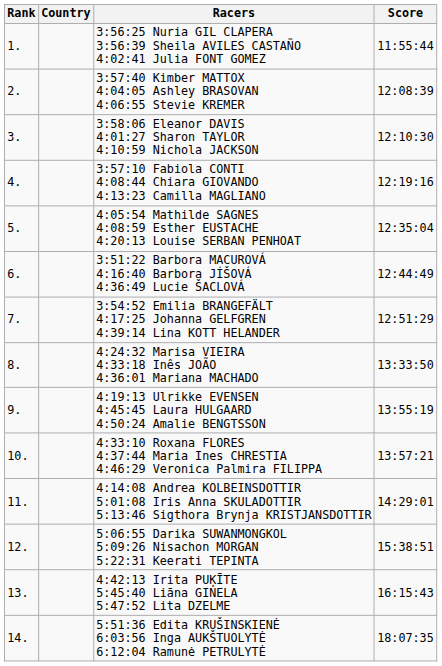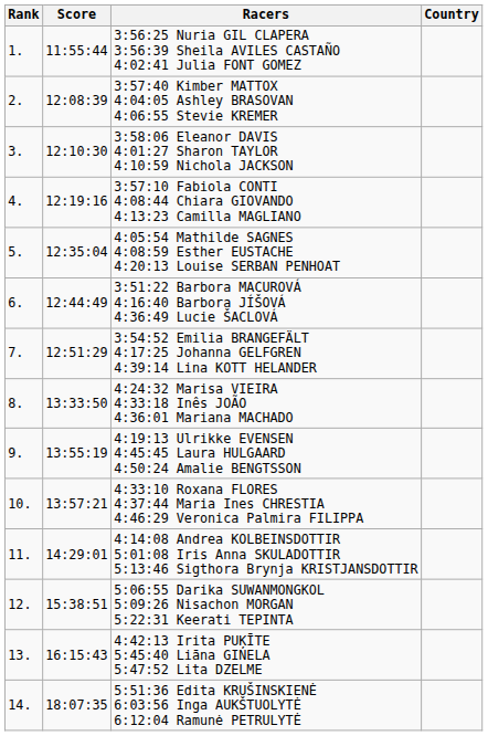 <table class="wikitable sortable" style="text-align:left;font-size:95%">
 <tr>
 <th>Rank</th>
+<th>Score</th>
+<th>Racers</th>
 <th>Country</th>
-<th>Racers</th>
-<th>Score</th>
 </tr>
 <tr>
 <td>1.</td>
+<td>11:55:44</td>
+<td>3:56:25	Nuria GIL CLAPERA<br>3:56:39	Sheila AVILES CASTAÑO<br>4:02:41	Julia FONT GOMEZ</td>
 <td></td>
-<td>3:56:25	Nuria GIL CLAPERA<br>3:56:39	Sheila AVILES CASTAÑO<br>4:02:41	Julia FONT GOMEZ</td>
-<td>11:55:44</td>
 </tr>
 <tr>
 <td>2.</td>
+<td>12:08:39</td>
+<td>3:57:40	Kimber MATTOX<br>4:04:05	Ashley BRASOVAN<br>4:06:55	Stevie KREMER</td>
 <td></td>
-<td>3:57:40	Kimber MATTOX<br>4:04:05	Ashley BRASOVAN<br>4:06:55	Stevie KREMER</td>
-<td>12:08:39</td>
 </tr>
 <tr>
 <td>3.</td>
+<td>12:10:30</td>
+<td>3:58:06	Eleanor DAVIS<br>4:01:27	Sharon TAYLOR<br>4:10:59	Nichola JACKSON</td>
 <td></td>
-<td>3:58:06	Eleanor DAVIS<br>4:01:27	Sharon TAYLOR<br>4:10:59	Nichola JACKSON</td>
-<td>12:10:30</td>
 </tr>
 <tr>
 <td>4.</td>
+<td>12:19:16</td>
+<td>3:57:10	Fabiola CONTI<br>4:08:44	Chiara GIOVANDO<br>4:13:23	Camilla MAGLIANO</td>
 <td></td>
-<td>3:57:10	Fabiola CONTI<br>4:08:44	Chiara GIOVANDO<br>4:13:23	Camilla MAGLIANO</td>
-<td>12:19:16</td>
 </tr>
 <tr>
 <td>5.</td>
+<td>12:35:04</td>
+<td>4:05:54	Mathilde SAGNES<br>4:08:59	Esther EUSTACHE<br>4:20:13	Louise SERBAN PENHOAT</td>
 <td></td>
-<td>4:05:54	Mathilde SAGNES<br>4:08:59	Esther EUSTACHE<br>4:20:13	Louise SERBAN PENHOAT</td>
-<td>12:35:04</td>
 </tr>
 <tr>
 <td>6.</td>
+<td>12:44:49</td>
+<td>3:51:22	Barbora MACUROVÁ<br>4:16:40	Barbora JÍŠOVÁ<br>4:36:49	Lucie ŠACLOVÁ</td>
 <td></td>
-<td>3:51:22	Barbora MACUROVÁ<br>4:16:40	Barbora JÍŠOVÁ<br>4:36:49	Lucie ŠACLOVÁ</td>
-<td>12:44:49</td>
 </tr>
 <tr>
 <td>7.</td>
+<td>12:51:29</td>
+<td>3:54:52	Emilia BRANGEFÄLT<br>4:17:25	Johanna GELFGREN<br>4:39:14	Lina KOTT HELANDER</td>
 <td></td>
-<td>3:54:52	Emilia BRANGEFÄLT<br>4:17:25	Johanna GELFGREN<br>4:39:14	Lina KOTT HELANDER</td>
-<td>12:51:29</td>
 </tr>
 <tr>
 <td>8.</td>
+<td>13:33:50</td>
+<td>4:24:32	Marisa VIEIRA<br>4:33:18	Inês JOÃO<br>4:36:01	Mariana MACHADO</td>
 <td></td>
-<td>4:24:32	Marisa VIEIRA<br>4:33:18	Inês JOÃO<br>4:36:01	Mariana MACHADO</td>
-<td>13:33:50</td>
 </tr>
 <tr>
 <td>9.</td>
+<td>13:55:19</td>
+<td>4:19:13	Ulrikke EVENSEN<br>4:45:45	Laura HULGAARD<br>4:50:24	Amalie BENGTSSON</td>
 <td></td>
-<td>4:19:13	Ulrikke EVENSEN<br>4:45:45	Laura HULGAARD<br>4:50:24	Amalie BENGTSSON</td>
-<td>13:55:19</td>
 </tr>
 <tr>
 <td>10.</td>
+<td>13:57:21</td>
+<td>4:33:10	Roxana FLORES<br>4:37:44	Maria Ines CHRESTIA<br>4:46:29	Veronica Palmira FILIPPA</td>
 <td></td>
-<td>4:33:10	Roxana FLORES<br>4:37:44	Maria Ines CHRESTIA<br>4:46:29	Veronica Palmira FILIPPA</td>
-<td>13:57:21</td>
 </tr>
 <tr>
 <td>11.</td>
+<td>14:29:01</td>
+<td>4:14:08	Andrea KOLBEINSDOTTIR<br>5:01:08	Iris Anna SKULADOTTIR<br>5:13:46	Sigthora Brynja KRISTJANSDOTTIR</td>
 <td></td>
-<td>4:14:08	Andrea KOLBEINSDOTTIR<br>5:01:08	Iris Anna SKULADOTTIR<br>5:13:46	Sigthora Brynja KRISTJANSDOTTIR</td>
-<td>14:29:01</td>
 </tr>
 <tr>
 <td>12.</td>
+<td>15:38:51</td>
+<td>5:06:55	Darika SUWANMONGKOL<br>5:09:26	Nisachon MORGAN<br>5:22:31	Keerati TEPINTA</td>
 <td></td>
-<td>5:06:55	Darika SUWANMONGKOL<br>5:09:26	Nisachon MORGAN<br>5:22:31	Keerati TEPINTA</td>
-<td>15:38:51</td>
 </tr>
 <tr>
 <td>13.</td>
+<td>16:15:43</td>
+<td>4:42:13	Irita PUĶĪTE<br>5:45:40	Liāna GINELA<br>5:47:52	Lita DZELME</td>
 <td></td>
-<td>4:42:13	Irita PUĶĪTE<br>5:45:40	Liāna GINELA<br>5:47:52	Lita DZELME</td>
-<td>16:15:43</td>
 </tr>
 <tr>
 <td>14.</td>
+<td>18:07:35</td>
+<td>5:51:36	Edita KRUŠINSKIENĖ<br>6:03:56	Inga AUKŠTUOLYTĖ<br>6:12:04	Ramunė PETRULYTĖ</td>
 <td></td>
-<td>5:51:36	Edita KRUŠINSKIENĖ<br>6:03:56	Inga AUKŠTUOLYTĖ<br>6:12:04	Ramunė PETRULYTĖ</td>
-<td>18:07:35</td>
 </tr>
 </table>
